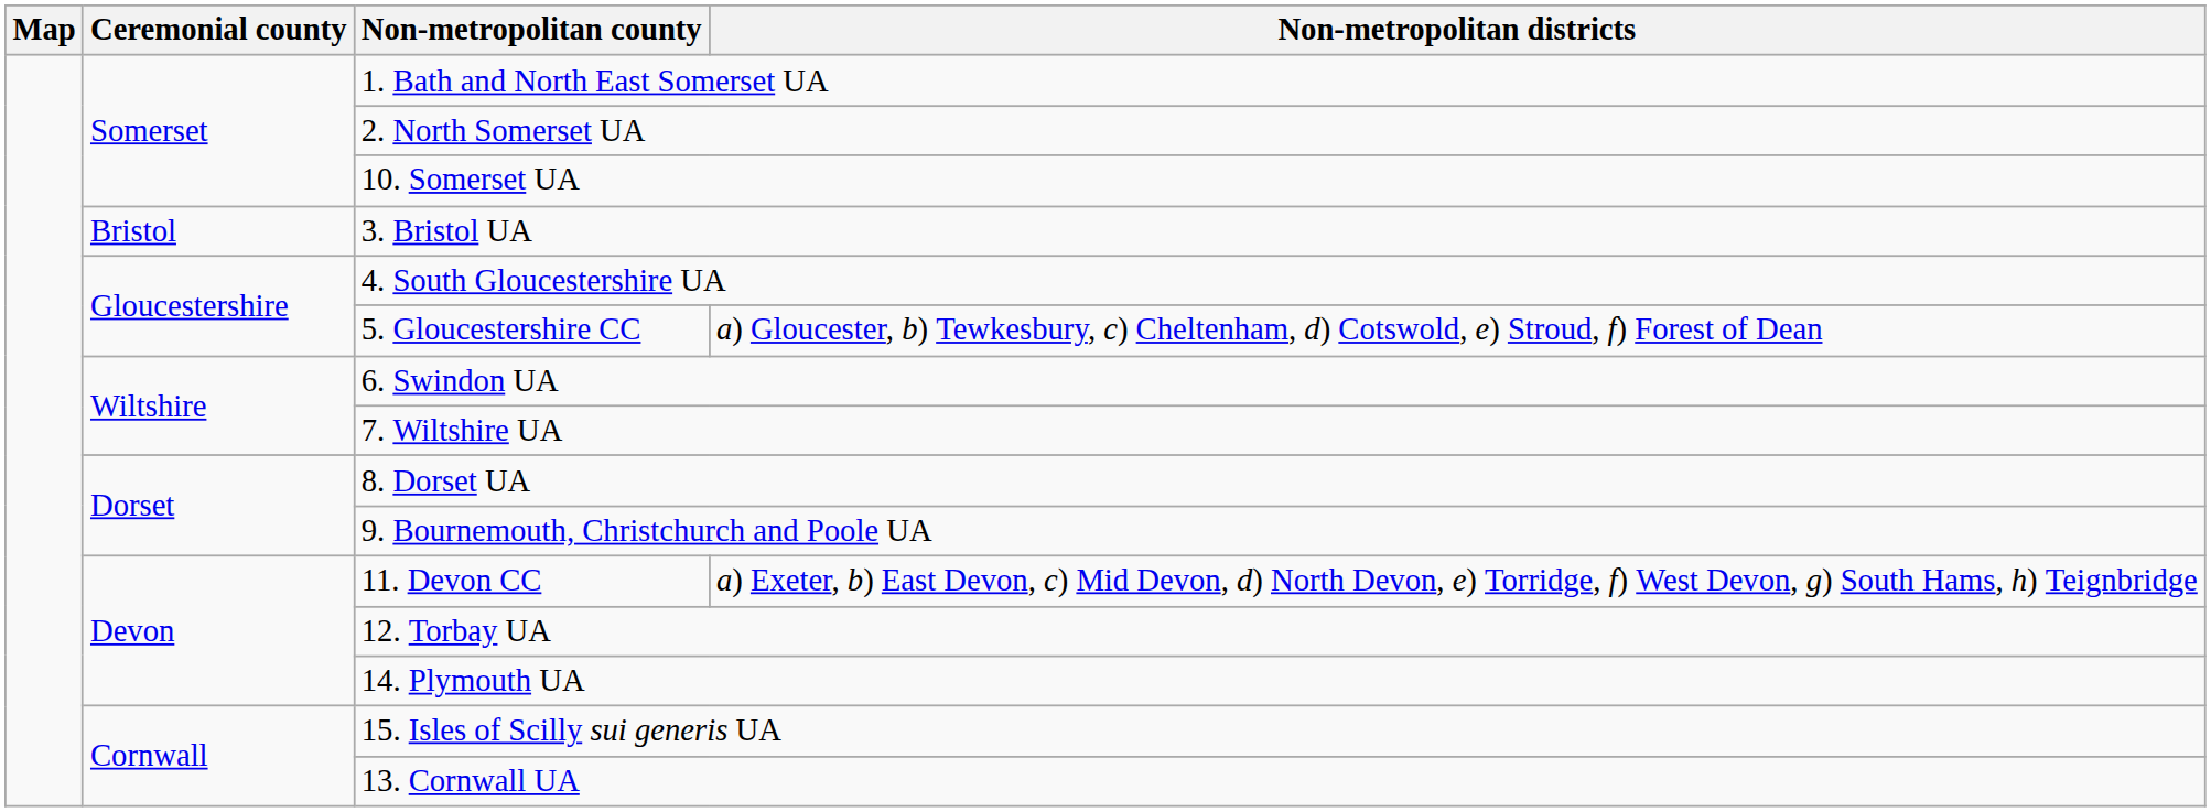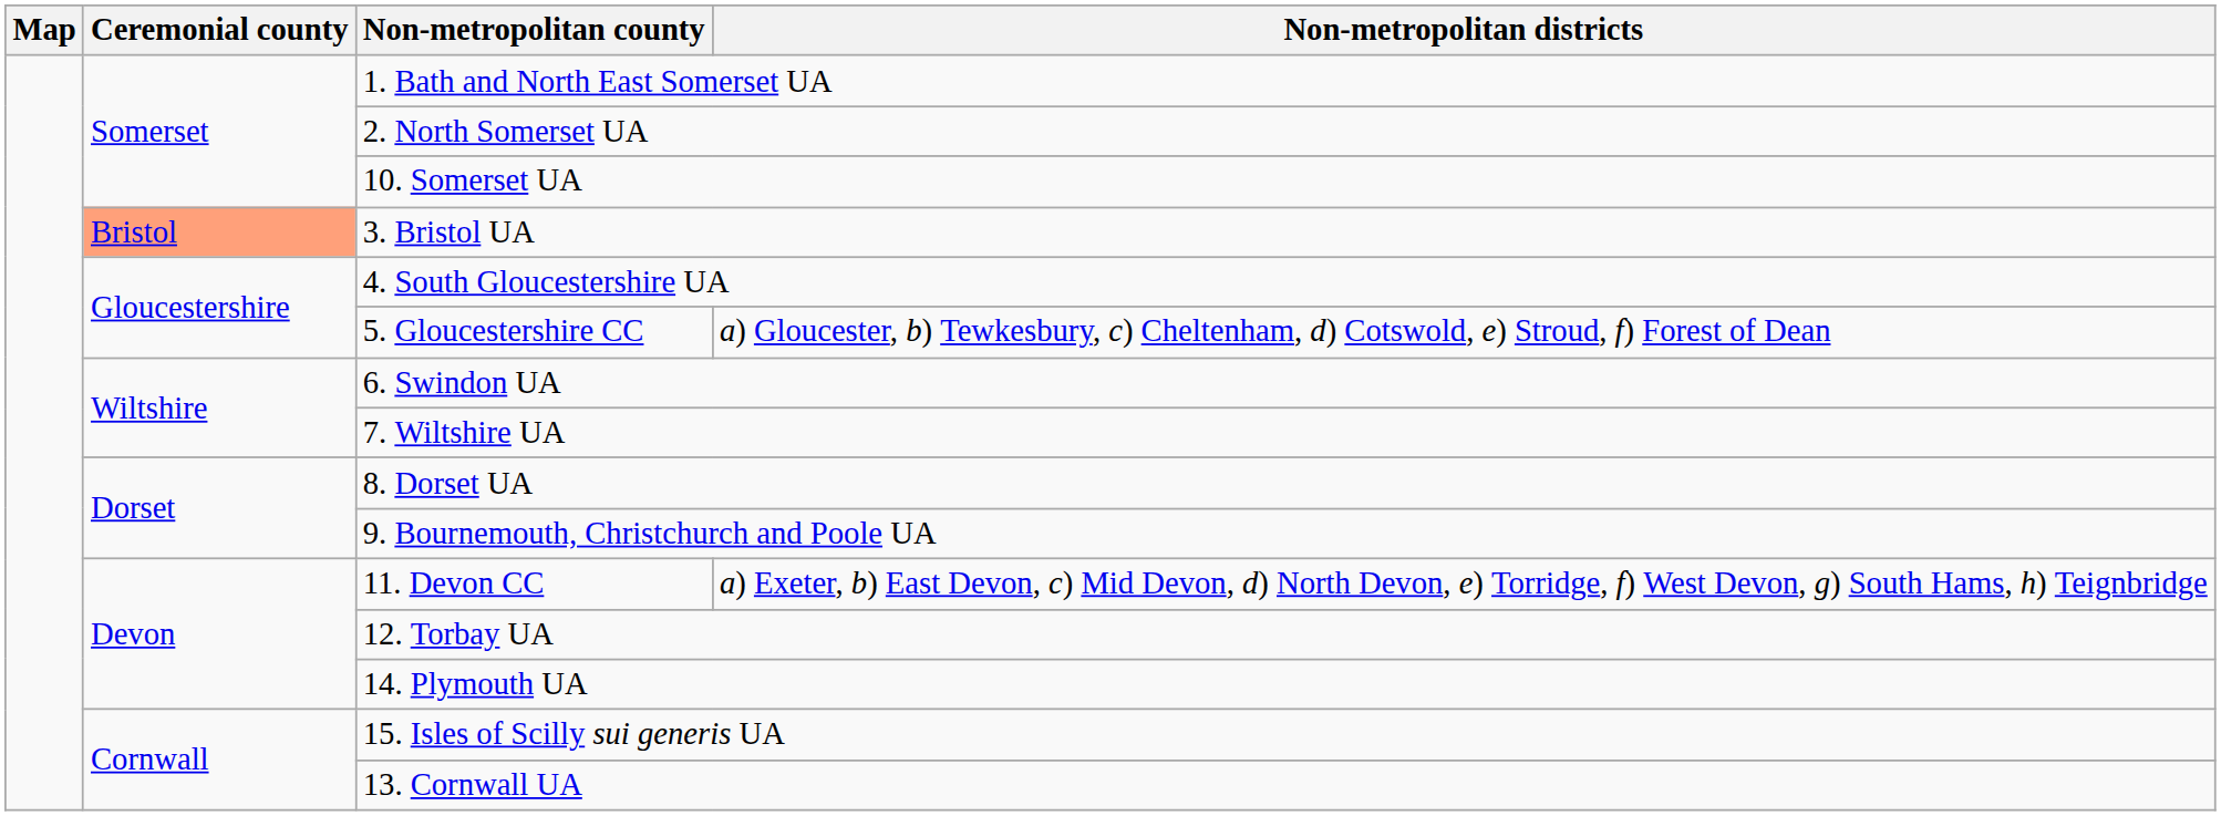 <table class="wikitable">
 <tr>
 <th>Map</th>
 <th>Ceremonial county</th>
 <th>Non-metropolitan county</th>
 <th>Non-metropolitan districts</th>
 </tr>
 <tr>
 <td rowspan="15"></td>
 <td rowspan="3"><a href='#'>Somerset</a></td>
 <td colspan="2">1. <a href='#'>Bath and North East Somerset</a> UA</td>
 </tr>
 <tr>
 <td colspan="2">2. <a href='#'>North Somerset</a> UA</td>
 </tr>
 <tr>
 <td colspan="3">10. <a href='#'>Somerset</a> UA</td>
 </tr>
 <tr>
-<td><a href='#'>Bristol</a></td>
+<td style="background: lightsalmon;"><a href='#'>Bristol</a></td>
 <td colspan="2">3. <a href='#'>Bristol</a> UA</td>
 </tr>
 <tr>
 <td rowspan="2"><a href='#'>Gloucestershire</a></td>
 <td colspan="2">4. <a href='#'>South Gloucestershire</a> UA</td>
 </tr>
 <tr>
 <td>5. <a href='#'>Gloucestershire CC</a></td>
 <td><em>a</em>) <a href='#'>Gloucester</a>, <em>b</em>) <a href='#'>Tewkesbury</a>, <em>c</em>) <a href='#'>Cheltenham</a>, <em>d</em>) <a href='#'>Cotswold</a>, <em>e</em>) <a href='#'>Stroud</a>, <em>f</em>) <a href='#'>Forest of Dean</a></td>
 </tr>
 <tr>
 <td rowspan="2"><a href='#'>Wiltshire</a></td>
 <td colspan="2">6. <a href='#'>Swindon</a> UA</td>
 </tr>
 <tr>
 <td colspan="2">7. <a href='#'>Wiltshire</a> UA</td>
 </tr>
 <tr>
 <td rowspan="2"><a href='#'>Dorset</a></td>
 <td colspan="2">8. <a href='#'>Dorset</a> UA</td>
 </tr>
 <tr>
 <td colspan="2">9. <a href='#'>Bournemouth, Christchurch and Poole</a> UA</td>
 </tr>
 <tr>
 <td rowspan="3"><a href='#'>Devon</a></td>
 <td>11. <a href='#'>Devon CC</a></td>
 <td><em>a</em>) <a href='#'>Exeter</a>, <em>b</em>) <a href='#'>East Devon</a>, <em>c</em>) <a href='#'>Mid Devon</a>, <em>d</em>) <a href='#'>North Devon</a>, <em>e</em>) <a href='#'>Torridge</a>, <em>f</em>) <a href='#'>West Devon</a>, <em>g</em>) <a href='#'>South Hams</a>, <em>h</em>) <a href='#'>Teignbridge</a></td>
 </tr>
 <tr>
 <td colspan="2">12. <a href='#'>Torbay</a> UA</td>
 </tr>
 <tr>
 <td colspan="2">14. <a href='#'>Plymouth</a> UA</td>
 </tr>
 <tr>
 <td rowspan="2"><a href='#'>Cornwall</a></td>
 <td colspan="2">15. <a href='#'>Isles of Scilly</a> <em>sui generis</em> UA</td>
 </tr>
 <tr>
 <td colspan="2">13. <a href='#'>Cornwall UA</a></td>
 </tr>
 </table>
